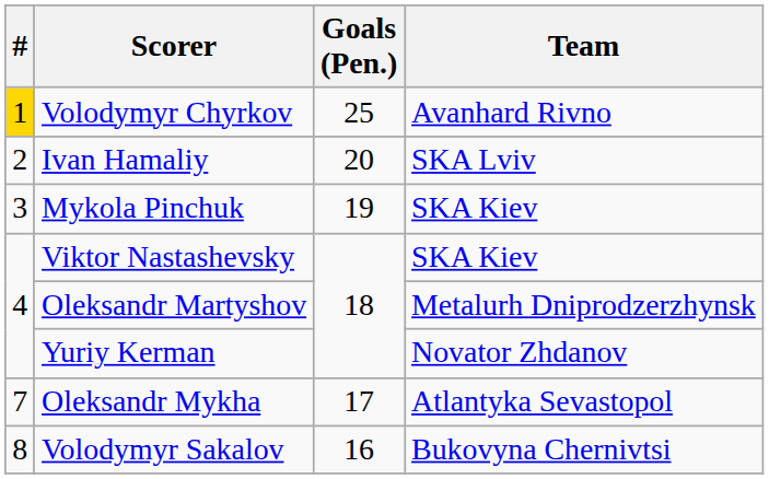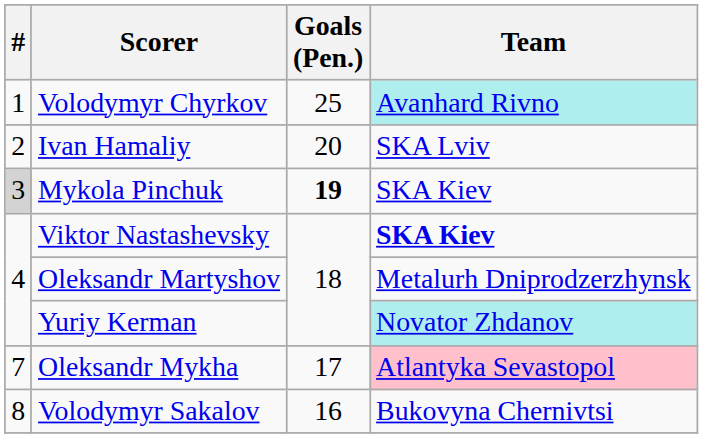 <table class="wikitable">
 <tr>
 <th>#</th>
 <th>Scorer</th>
 <th>Goals<br>(Pen.)</th>
 <th>Team</th>
 </tr>
 <tr>
-<td style="background: gold;">1</td>
+<td>1</td>
 <td><a href='#'>Volodymyr Chyrkov</a></td>
 <td align=center>25</td>
-<td><a href='#'>Avanhard Rivno</a></td>
+<td style="background: paleturquoise;"><a href='#'>Avanhard Rivno</a></td>
 </tr>
 <tr>
 <td>2</td>
 <td><a href='#'>Ivan Hamaliy</a></td>
 <td align=center>20</td>
 <td><a href='#'>SKA Lviv</a></td>
 </tr>
 <tr>
-<td>3</td>
+<td style="background: lightgrey;">3</td>
 <td><a href='#'>Mykola Pinchuk</a></td>
-<td align=center>19</td>
+<td align=center><strong>19</strong></td>
 <td><a href='#'>SKA Kiev</a></td>
 </tr>
 <tr>
 <td rowspan=3>4</td>
 <td><a href='#'>Viktor Nastashevsky</a></td>
 <td align=center rowspan=3>18</td>
-<td><a href='#'>SKA Kiev</a></td>
+<td><strong><a href='#'>SKA Kiev</a></strong></td>
 </tr>
 <tr>
 <td><a href='#'>Oleksandr Martyshov</a></td>
 <td><a href='#'>Metalurh Dniprodzerzhynsk</a></td>
 </tr>
 <tr>
 <td><a href='#'>Yuriy Kerman</a></td>
-<td><a href='#'>Novator Zhdanov</a></td>
+<td style="background: paleturquoise;"><a href='#'>Novator Zhdanov</a></td>
 </tr>
 <tr>
 <td>7</td>
 <td><a href='#'>Oleksandr Mykha</a></td>
 <td align=center>17</td>
-<td><a href='#'>Atlantyka Sevastopol</a></td>
+<td style="background: pink;"><a href='#'>Atlantyka Sevastopol</a></td>
 </tr>
 <tr>
 <td>8</td>
 <td><a href='#'>Volodymyr Sakalov</a></td>
 <td align=center>16</td>
 <td><a href='#'>Bukovyna Chernivtsi</a></td>
 </tr>
 </table>
